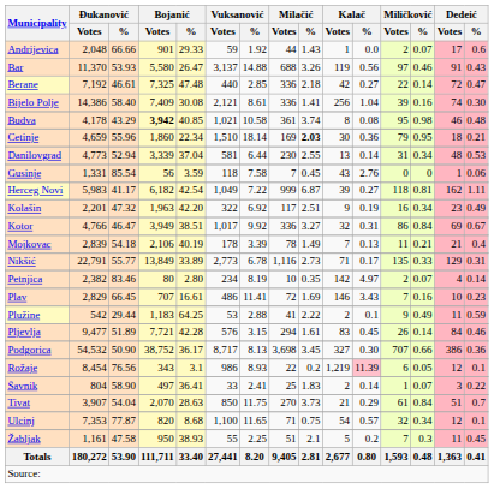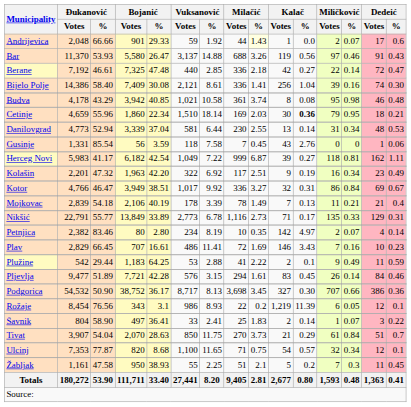 <table class="wikitable sortable" style="text-align:right; font-size:90%;">
 <tr>
 <th rowspan=2><a href='#'>Municipality</a></th>
 <th colspan=2>Đukanović</th>
 <th colspan=2>Bojanić</th>
 <th colspan=2>Vuksanović</th>
 <th colspan=2>Milačić</th>
 <th colspan=2>Kalač</th>
 <th colspan=2>Miličković</th>
 <th colspan=2>Dedeić</th>
 </tr>
 <tr>
 <th>Votes</th>
 <th>%</th>
 <th>Votes</th>
 <th>%</th>
 <th>Votes</th>
 <th>%</th>
 <th>Votes</th>
 <th>%</th>
 <th>Votes</th>
 <th>%</th>
 <th>Votes</th>
 <th>%</th>
 <th>Votes</th>
 <th>%</th>
 </tr>
 <tr>
 <td bgcolor=#FFE0C1 align=left><a href='#'>Andrijevica</a></td>
 <td bgcolor=#FFE0C1>2,048</td>
 <td bgcolor=#FFE0C1>66.66</td>
 <td bgcolor=#FFFBC1>901</td>
 <td bgcolor=#FFFBC1>29.33</td>
 <td>59</td>
 <td>1.92</td>
 <td>44</td>
-<td>1.43</td>
+<td style="background: lightyellow;">1.43</td>
 <td>1</td>
 <td>0.0</td>
 <td bgcolor=#F0FFC1>2</td>
 <td bgcolor=#F0FFC1>0.07</td>
 <td bgcolor=#FFB6C1>17</td>
 <td bgcolor=#FFB6C1>0.6</td>
 </tr>
 <tr>
 <td bgcolor=#FFE0C1 align=left><a href='#'>Bar</a></td>
 <td bgcolor=#FFE0C1>11,370</td>
 <td bgcolor=#FFE0C1>53.93</td>
 <td bgcolor=#FFFBC1>5,580</td>
 <td bgcolor=#FFFBC1>26.47</td>
 <td>3,137</td>
 <td>14.88</td>
 <td>688</td>
 <td>3.26</td>
 <td>119</td>
 <td>0.56</td>
 <td bgcolor=#F0FFC1>97</td>
 <td bgcolor=#F0FFC1>0.46</td>
 <td bgcolor=#FFB6C1>91</td>
 <td bgcolor=#FFB6C1>0.43</td>
 </tr>
 <tr>
 <td bgcolor=#FFFBC1 align=left><a href='#'>Berane</a></td>
 <td bgcolor=#FFE0C1>7,192</td>
 <td bgcolor=#FFE0C1>46.61</td>
 <td bgcolor=#FFFBC1>7,325</td>
 <td bgcolor=#FFFBC1>47.48</td>
 <td>440</td>
 <td>2.85</td>
 <td>336</td>
 <td>2.18</td>
 <td>42</td>
 <td>0.27</td>
 <td bgcolor=#F0FFC1>22</td>
 <td bgcolor=#F0FFC1>0.14</td>
 <td bgcolor=#FFB6C1>72</td>
 <td bgcolor=#FFB6C1>0.47</td>
 </tr>
 <tr>
 <td bgcolor=#FFE0C1 align=left><a href='#'>Bijelo Polje</a></td>
 <td bgcolor=#FFE0C1>14,386</td>
 <td bgcolor=#FFE0C1>58.40</td>
 <td bgcolor=#FFFBC1>7,409</td>
 <td bgcolor=#FFFBC1>30.08</td>
 <td>2,121</td>
 <td>8.61</td>
 <td>336</td>
 <td>1.41</td>
 <td>256</td>
 <td>1.04</td>
 <td bgcolor=#F0FFC1>39</td>
 <td bgcolor=#F0FFC1>0.16</td>
 <td bgcolor=#FFB6C1>74</td>
 <td bgcolor=#FFB6C1>0.30</td>
 </tr>
 <tr>
 </tr>
 <tr>
 <td bgcolor=#FFE0C1 align=left><a href='#'>Budva</a></td>
 <td bgcolor=#FFE0C1>4,178</td>
 <td bgcolor=#FFE0C1>43.29</td>
-<td bgcolor=#FFFBC1><strong>3,942</strong></td>
+<td bgcolor=#FFFBC1>3,942</td>
 <td bgcolor=#FFFBC1>40.85</td>
 <td>1,021</td>
 <td>10.58</td>
 <td>361</td>
 <td>3.74</td>
 <td>8</td>
 <td>0.08</td>
 <td bgcolor=#F0FFC1>95</td>
 <td bgcolor=#F0FFC1>0.98</td>
 <td bgcolor=#FFB6C1>46</td>
 <td bgcolor=#FFB6C1>0.48</td>
 </tr>
 <tr>
 </tr>
 <tr>
 <td bgcolor=#FFE0C1 align=left><a href='#'>Cetinje</a></td>
 <td bgcolor=#FFE0C1>4,659</td>
 <td bgcolor=#FFE0C1>55.96</td>
 <td bgcolor=#FFFBC1>1,860</td>
 <td bgcolor=#FFFBC1>22.34</td>
 <td>1,510</td>
 <td>18.14</td>
 <td>169</td>
-<td><strong>2.03</strong></td>
+<td>2.03</td>
 <td>30</td>
-<td>0.36</td>
+<td><strong>0.36</strong></td>
 <td bgcolor=#F0FFC1>79</td>
 <td bgcolor=#F0FFC1>0.95</td>
 <td bgcolor=#FFB6C1>18</td>
 <td bgcolor=#FFB6C1>0.21</td>
 </tr>
 <tr>
 </tr>
 <tr>
 <td bgcolor=#FFE0C1 align=left><a href='#'>Danilovgrad</a></td>
 <td bgcolor=#FFE0C1>4,773</td>
 <td bgcolor=#FFE0C1>52.94</td>
 <td bgcolor=#FFFBC1>3,339</td>
 <td bgcolor=#FFFBC1>37.04</td>
 <td>581</td>
 <td>6.44</td>
 <td>230</td>
 <td>2.55</td>
 <td>13</td>
 <td>0.14</td>
 <td bgcolor=#F0FFC1>31</td>
 <td bgcolor=#F0FFC1>0.34</td>
 <td bgcolor=#FFB6C1>48</td>
 <td bgcolor=#FFB6C1>0.53</td>
 </tr>
 <tr>
 </tr>
 <tr>
 <td bgcolor=#FFE0C1 align=left><a href='#'>Gusinje</a></td>
 <td bgcolor=#FFE0C1>1,331</td>
 <td bgcolor=#FFE0C1>85.54</td>
 <td bgcolor=#FFFBC1>56</td>
 <td bgcolor=#FFFBC1>3.59</td>
 <td>118</td>
 <td>7.58</td>
 <td>7</td>
 <td>0.45</td>
 <td>43</td>
 <td>2.76</td>
 <td bgcolor=#F0FFC1>0</td>
 <td bgcolor=#F0FFC1>0</td>
 <td bgcolor=#FFB6C1>1</td>
 <td bgcolor=#FFB6C1>0.06</td>
 </tr>
 <tr>
 </tr>
 <tr>
 <td bgcolor=#FFFBC1 align=left><a href='#'>Herceg Novi</a></td>
 <td bgcolor=#FFE0C1>5,983</td>
 <td bgcolor=#FFE0C1>41.17</td>
 <td bgcolor=#FFFBC1>6,182</td>
 <td bgcolor=#FFFBC1>42.54</td>
 <td>1,049</td>
 <td>7.22</td>
 <td>999</td>
 <td>6.87</td>
 <td>39</td>
 <td>0.27</td>
 <td bgcolor=#F0FFC1>118</td>
 <td bgcolor=#F0FFC1>0.81</td>
 <td bgcolor=#FFB6C1>162</td>
 <td bgcolor=#FFB6C1>1.11</td>
 </tr>
 <tr>
 </tr>
 <tr>
 <td bgcolor=#FFE0C1 align=left><a href='#'>Kolašin</a></td>
 <td bgcolor=#FFE0C1>2,201</td>
 <td bgcolor=#FFE0C1>47.32</td>
 <td bgcolor=#FFFBC1>1,963</td>
 <td bgcolor=#FFFBC1>42.20</td>
 <td>322</td>
 <td>6.92</td>
 <td>117</td>
 <td>2.51</td>
 <td>9</td>
 <td>0.19</td>
 <td bgcolor=#F0FFC1>16</td>
 <td bgcolor=#F0FFC1>0.34</td>
 <td bgcolor=#FFB6C1>23</td>
 <td bgcolor=#FFB6C1>0.49</td>
 </tr>
 <tr>
 </tr>
 <tr>
 <td bgcolor=#FFE0C1 align=left><a href='#'>Kotor</a></td>
 <td bgcolor=#FFE0C1>4,766</td>
 <td bgcolor=#FFE0C1>46.47</td>
 <td bgcolor=#FFFBC1>3,949</td>
 <td bgcolor=#FFFBC1>38.51</td>
 <td>1,017</td>
 <td>9.92</td>
 <td>336</td>
 <td>3.27</td>
 <td>32</td>
 <td>0.31</td>
 <td bgcolor=#F0FFC1>86</td>
 <td bgcolor=#F0FFC1>0.84</td>
 <td bgcolor=#FFB6C1>69</td>
 <td bgcolor=#FFB6C1>0.67</td>
 </tr>
 <tr>
 </tr>
 <tr>
 <td bgcolor=#FFE0C1 align=left><a href='#'>Mojkovac</a></td>
 <td bgcolor=#FFE0C1>2,839</td>
 <td bgcolor=#FFE0C1>54.18</td>
 <td bgcolor=#FFFBC1>2,106</td>
 <td bgcolor=#FFFBC1>40.19</td>
 <td>178</td>
 <td>3.39</td>
 <td>78</td>
 <td>1.49</td>
 <td>7</td>
 <td>0.13</td>
 <td bgcolor=#F0FFC1>11</td>
 <td bgcolor=#F0FFC1>0.21</td>
 <td bgcolor=#FFB6C1>21</td>
 <td bgcolor=#FFB6C1>0.4</td>
 </tr>
 <tr>
 </tr>
 <tr>
 <td bgcolor=#FFE0C1 align=left><a href='#'>Nikšić</a></td>
 <td bgcolor=#FFE0C1>22,791</td>
 <td bgcolor=#FFE0C1>55.77</td>
 <td bgcolor=#FFFBC1>13,849</td>
 <td bgcolor=#FFFBC1>33.89</td>
 <td>2,773</td>
 <td>6.78</td>
 <td>1,116</td>
 <td>2.73</td>
 <td>71</td>
 <td>0.17</td>
 <td bgcolor=#F0FFC1>135</td>
 <td bgcolor=#F0FFC1>0.33</td>
 <td bgcolor=#FFB6C1>129</td>
 <td bgcolor=#FFB6C1>0.31</td>
 </tr>
 <tr>
 </tr>
 <tr>
 <td bgcolor=#FFE0C1 align=left><a href='#'>Petnjica</a></td>
 <td bgcolor=#FFE0C1>2,382</td>
 <td bgcolor=#FFE0C1>83.46</td>
 <td bgcolor=#FFFBC1>80</td>
 <td bgcolor=#FFFBC1>2.80</td>
 <td>234</td>
 <td>8.19</td>
 <td>10</td>
 <td>0.35</td>
 <td>142</td>
 <td>4.97</td>
 <td bgcolor=#F0FFC1>2</td>
 <td bgcolor=#F0FFC1>0.07</td>
 <td bgcolor=#FFB6C1>4</td>
 <td bgcolor=#FFB6C1>0.14</td>
 </tr>
 <tr>
 </tr>
 <tr>
 <td bgcolor=#FFE0C1 align=left><a href='#'>Plav</a></td>
 <td bgcolor=#FFE0C1>2,829</td>
 <td bgcolor=#FFE0C1>66.45</td>
 <td bgcolor=#FFFBC1>707</td>
 <td bgcolor=#FFFBC1>16.61</td>
 <td>486</td>
 <td>11.41</td>
 <td>72</td>
 <td>1.69</td>
 <td>146</td>
 <td>3.43</td>
 <td bgcolor=#F0FFC1>7</td>
 <td bgcolor=#F0FFC1>0.16</td>
 <td bgcolor=#FFB6C1>10</td>
 <td bgcolor=#FFB6C1>0.23</td>
 </tr>
 <tr>
 </tr>
 <tr>
 <td bgcolor=#FFFBC1 align=left><a href='#'>Plužine</a></td>
 <td bgcolor=#FFE0C1>542</td>
 <td bgcolor=#FFE0C1>29.44</td>
 <td bgcolor=#FFFBC1>1,183</td>
 <td bgcolor=#FFFBC1>64.25</td>
 <td>53</td>
 <td>2.88</td>
 <td>41</td>
 <td>2.22</td>
 <td>2</td>
 <td>0.1</td>
 <td bgcolor=#F0FFC1>9</td>
 <td bgcolor=#F0FFC1>0.49</td>
 <td bgcolor=#FFB6C1>11</td>
 <td bgcolor=#FFB6C1>0.59</td>
 </tr>
 <tr>
 </tr>
 <tr>
 <td bgcolor=#FFE0C1 align=left><a href='#'>Pljevlja</a></td>
 <td bgcolor=#FFE0C1>9,477</td>
 <td bgcolor=#FFE0C1>51.89</td>
 <td bgcolor=#FFFBC1>7,721</td>
 <td bgcolor=#FFFBC1>42.28</td>
 <td>576</td>
 <td>3.15</td>
 <td>294</td>
 <td>1.61</td>
 <td>83</td>
 <td>0.45</td>
 <td bgcolor=#F0FFC1>26</td>
 <td bgcolor=#F0FFC1>0.14</td>
 <td bgcolor=#FFB6C1>84</td>
 <td bgcolor=#FFB6C1>0.46</td>
 </tr>
 <tr>
 </tr>
 <tr>
 <td bgcolor=#FFE0C1 align=left><a href='#'>Podgorica</a></td>
 <td bgcolor=#FFE0C1>54,532</td>
 <td bgcolor=#FFE0C1>50.90</td>
 <td bgcolor=#FFFBC1>38,752</td>
 <td bgcolor=#FFFBC1>36.17</td>
 <td>8,717</td>
 <td>8.13</td>
 <td>3,698</td>
 <td>3.45</td>
 <td>327</td>
 <td>0.30</td>
 <td bgcolor=#F0FFC1>707</td>
 <td bgcolor=#F0FFC1>0.66</td>
 <td bgcolor=#FFB6C1>386</td>
 <td bgcolor=#FFB6C1>0.36</td>
 </tr>
 <tr>
 </tr>
 <tr>
 <td bgcolor=#FFE0C1 align=left><a href='#'>Rožaje</a></td>
 <td bgcolor=#FFE0C1>8,454</td>
 <td bgcolor=#FFE0C1>76.56</td>
 <td bgcolor=#FFFBC1>343</td>
 <td bgcolor=#FFFBC1>3.1</td>
 <td>986</td>
 <td>8.93</td>
 <td>22</td>
 <td>0.2</td>
 <td>1,219</td>
-<td style="background: pink;">11.39</td>
+<td>11.39</td>
 <td bgcolor=#F0FFC1>6</td>
 <td bgcolor=#F0FFC1>0.05</td>
 <td bgcolor=#FFB6C1>12</td>
 <td bgcolor=#FFB6C1>0.1</td>
 </tr>
 <tr>
 </tr>
 <tr>
 <td bgcolor=#FFE0C1 align=left><a href='#'>Šavnik</a></td>
 <td bgcolor=#FFE0C1>804</td>
 <td bgcolor=#FFE0C1>58.90</td>
 <td bgcolor=#FFFBC1>497</td>
 <td bgcolor=#FFFBC1>36.41</td>
 <td>33</td>
 <td>2.41</td>
 <td>25</td>
 <td>1.83</td>
 <td>2</td>
 <td>0.14</td>
 <td bgcolor=#F0FFC1>1</td>
 <td bgcolor=#F0FFC1>0.07</td>
 <td bgcolor=#FFB6C1>3</td>
 <td bgcolor=#FFB6C1>0.22</td>
 </tr>
 <tr>
 </tr>
 <tr>
 <td bgcolor=#FFE0C1 align=left><a href='#'>Tivat</a></td>
 <td bgcolor=#FFE0C1>3,907</td>
 <td bgcolor=#FFE0C1>54.04</td>
 <td bgcolor=#FFFBC1>2,070</td>
 <td bgcolor=#FFFBC1>28.63</td>
 <td>850</td>
 <td>11.75</td>
 <td>270</td>
 <td>3.73</td>
 <td>21</td>
 <td>0.29</td>
 <td bgcolor=#F0FFC1>61</td>
 <td bgcolor=#F0FFC1>0.84</td>
 <td bgcolor=#FFB6C1>51</td>
 <td bgcolor=#FFB6C1>0.7</td>
 </tr>
 <tr>
 </tr>
 <tr>
 <td bgcolor=#FFE0C1 align=left><a href='#'>Ulcinj</a></td>
 <td bgcolor=#FFE0C1>7,353</td>
 <td bgcolor=#FFE0C1>77.87</td>
 <td bgcolor=#FFFBC1>820</td>
 <td bgcolor=#FFFBC1>8.68</td>
 <td>1,100</td>
 <td>11.65</td>
 <td>71</td>
 <td>0.75</td>
 <td>54</td>
 <td>0.57</td>
 <td bgcolor=#F0FFC1>32</td>
 <td bgcolor=#F0FFC1>0.34</td>
 <td bgcolor=#FFB6C1>12</td>
 <td bgcolor=#FFB6C1>0.1</td>
 </tr>
 <tr>
 </tr>
 <tr>
 <td bgcolor=#FFE0C1 align=left><a href='#'>Žabljak</a></td>
 <td bgcolor=#FFE0C1>1,161</td>
 <td bgcolor=#FFE0C1>47.58</td>
 <td bgcolor=#FFFBC1>950</td>
 <td bgcolor=#FFFBC1>38.93</td>
 <td>55</td>
 <td>2.25</td>
 <td>51</td>
 <td>2.1</td>
 <td>5</td>
 <td>0.2</td>
 <td bgcolor=#F0FFC1>7</td>
 <td bgcolor=#F0FFC1>0.3</td>
 <td bgcolor=#FFB6C1>11</td>
 <td bgcolor=#FFB6C1>0.45</td>
 </tr>
 <tr class=sortbottom>
 <th>Totals</th>
 <th>180,272</th>
 <th>53.90</th>
 <th>111,711</th>
 <th>33.40</th>
 <th>27,441</th>
 <th>8.20</th>
 <th>9,405</th>
 <th>2.81</th>
 <th>2,677</th>
 <th>0.80</th>
 <th>1,593</th>
 <th>0.48</th>
 <th>1,363</th>
 <th>0.41</th>
 </tr>
 <tr class=sortbottom>
 <td align=left colspan=16>Source: </td>
 </tr>
 </table>
